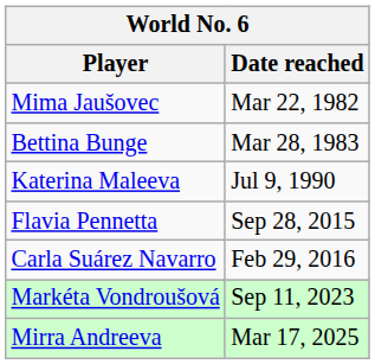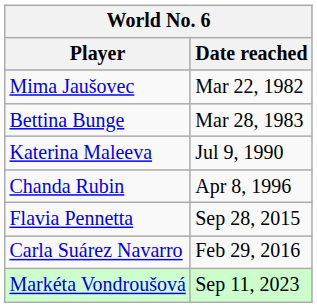 <table class="wikitable nowrap" style="display:inline-table; font-size:85%">
 <tr>
 <th colspan="2">World No. 6</th>
 </tr>
 <tr>
 <th>Player</th>
 <th>Date reached</th>
 </tr>
 <tr>
 <td> <a href='#'>Mima Jaušovec</a></td>
 <td>Mar 22, 1982</td>
 </tr>
 <tr>
 <td> <a href='#'>Bettina Bunge</a></td>
 <td>Mar 28, 1983</td>
 </tr>
 <tr>
 <td> <a href='#'>Katerina Maleeva</a></td>
 <td>Jul 9, 1990</td>
 </tr>
 <tr>
+<td> <a href='#'>Chanda Rubin</a></td>
+<td>Apr 8, 1996</td>
+</tr>
+<tr>
 <td> <a href='#'>Flavia Pennetta</a></td>
 <td>Sep 28, 2015</td>
 </tr>
 <tr>
 <td> <a href='#'>Carla Suárez Navarro</a></td>
 <td>Feb 29, 2016</td>
 </tr>
 <tr bgcolor=ccffcc>
 <td> <a href='#'>Markéta Vondroušová</a></td>
 <td>Sep 11, 2023</td>
 </tr>
-<tr bgcolor=ccffcc>
-<td> <a href='#'>Mirra Andreeva</a></td>
-<td>Mar 17, 2025</td>
-</tr>
 </table>
